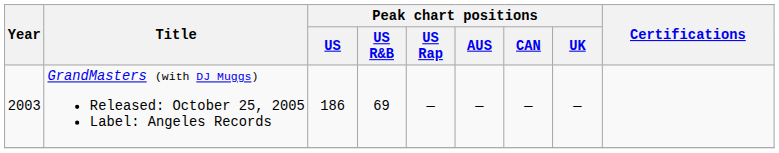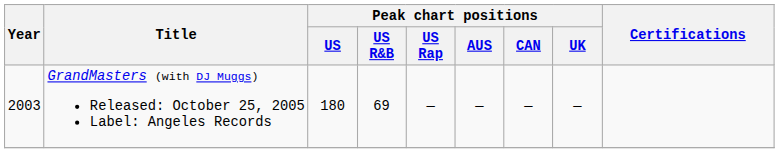 <table class="wikitable">
 <tr>
 <th rowspan="2">Year</th>
 <th rowspan="2">Title</th>
 <th colspan="6">Peak chart positions</th>
 <th scope="col" rowspan="2" style="width:12em;"><a href='#'>Certifications</a></th>
 </tr>
 <tr>
 <th width="40"><a href='#'>US</a><br></th>
 <th width="40"><a href='#'>US <br>R&B</a><br></th>
 <th width="40"><a href='#'>US <br>Rap</a><br></th>
 <th width="40"><a href='#'>AUS</a><br></th>
 <th width="40"><a href='#'>CAN</a><br></th>
 <th width="40"><a href='#'>UK</a><br></th>
 </tr>
 <tr>
 <td>2003</td>
 <td><em><a href='#'>GrandMasters</a></em> <small>(with <a href='#'>DJ Muggs</a>)</small><br><ul><li>Released: October 25, 2005</li><li>Label: Angeles Records</li></ul></td>
-<td style="text-align:center;">186</td>
+<td style="text-align:center;">180</td>
 <td style="text-align:center;">69</td>
 <td style="text-align:center;">—</td>
 <td style="text-align:center;">—</td>
 <td style="text-align:center;">—</td>
 <td style="text-align:center;">—</td>
 <td></td>
 </tr>
 <tr>
 </tr>
 </table>
